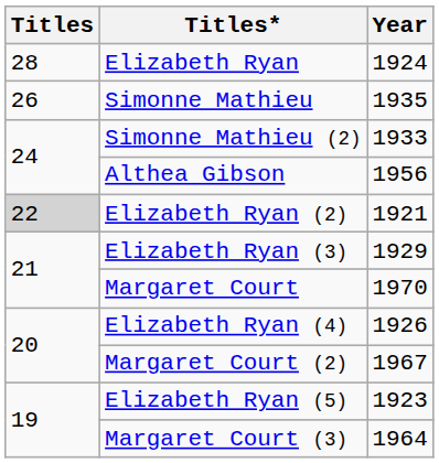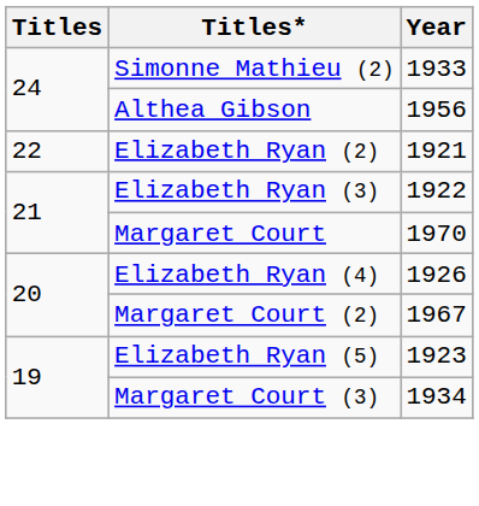 <table class=wikitable style="display:inline-table;">
 <tr>
 <th>Titles</th>
 <th>Titles*</th>
 <th>Year<br></th>
-</tr>
-<tr>
-<td>28</td>
-<td> <a href='#'>Elizabeth Ryan</a></td>
-<td>1924</td>
-</tr>
-<tr>
-<td>26</td>
-<td> <a href='#'>Simonne Mathieu</a></td>
-<td>1935</td>
 </tr>
 <tr>
 <td rowspan="2">24</td>
 <td> <a href='#'>Simonne Mathieu</a> <small>(2)</small></td>
 <td>1933</td>
 </tr>
 <tr>
 <td> <a href='#'>Althea Gibson</a></td>
 <td>1956</td>
 </tr>
 <tr>
-<td style="background: lightgrey;">22</td>
+<td>22</td>
 <td> <a href='#'>Elizabeth Ryan</a> <small>(2)</small></td>
 <td>1921</td>
 </tr>
 <tr>
 <td rowspan="2">21</td>
 <td> <a href='#'>Elizabeth Ryan</a> <small>(3)</small></td>
-<td>1929</td>
+<td>1922</td>
 </tr>
 <tr>
 <td> <a href='#'>Margaret Court</a></td>
 <td>1970</td>
 </tr>
 <tr>
 <td rowspan="2">20</td>
 <td> <a href='#'>Elizabeth Ryan</a> <small>(4)</small></td>
 <td>1926</td>
 </tr>
 <tr>
 <td> <a href='#'>Margaret Court</a> <small>(2)</small></td>
 <td>1967</td>
 </tr>
 <tr>
 <td rowspan="2">19</td>
 <td> <a href='#'>Elizabeth Ryan</a> <small>(5)</small></td>
 <td>1923</td>
 </tr>
 <tr>
 <td> <a href='#'>Margaret Court</a> <small>(3)</small></td>
-<td>1964</td>
+<td>1934</td>
 </tr>
 </table>
